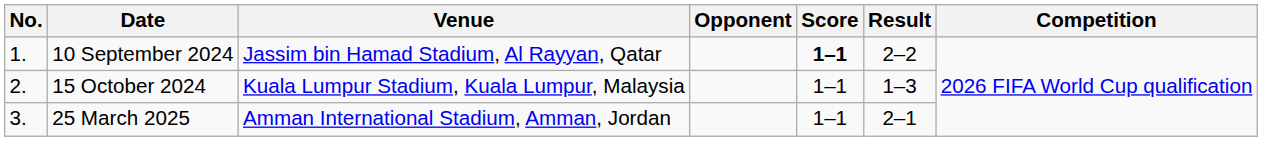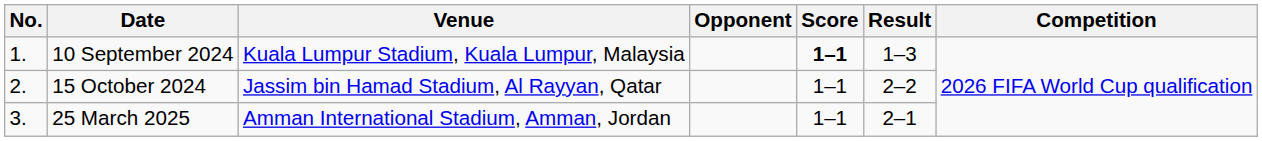 <table class="wikitable sortable">
 <tr>
 <th scope="col">No.</th>
 <th scope="col">Date</th>
 <th scope="col">Venue</th>
 <th scope="col">Opponent</th>
 <th scope="col">Score</th>
 <th scope="col">Result</th>
 <th scope="col">Competition</th>
 </tr>
 <tr>
 <td>1.</td>
 <td>10 September 2024</td>
-<td><a href='#'>Jassim bin Hamad Stadium</a>, <a href='#'>Al Rayyan</a>, Qatar</td>
+<td><a href='#'>Kuala Lumpur Stadium</a>, <a href='#'>Kuala Lumpur</a>, Malaysia</td>
 <td></td>
 <td align=center><strong>1–1</strong></td>
-<td align=center>2–2</td>
+<td align=center>1–3</td>
 <td rowspan=3><a href='#'>2026 FIFA World Cup qualification</a></td>
 </tr>
 <tr>
 <td>2.</td>
 <td>15 October 2024</td>
-<td><a href='#'>Kuala Lumpur Stadium</a>, <a href='#'>Kuala Lumpur</a>, Malaysia</td>
+<td><a href='#'>Jassim bin Hamad Stadium</a>, <a href='#'>Al Rayyan</a>, Qatar</td>
 <td></td>
 <td align=center>1–1</td>
-<td align=center>1–3</td>
+<td align=center>2–2</td>
 </tr>
 <tr>
 <td>3.</td>
 <td>25 March 2025</td>
 <td><a href='#'>Amman International Stadium</a>, <a href='#'>Amman</a>, Jordan</td>
 <td></td>
 <td align=center>1–1</td>
 <td align=center>2–1</td>
 </tr>
 </table>
